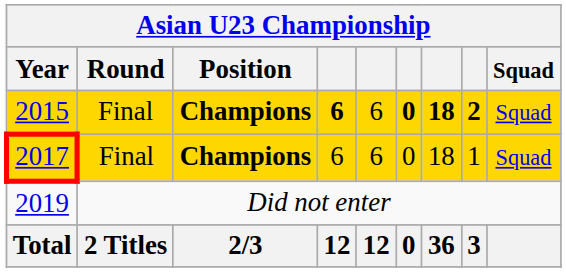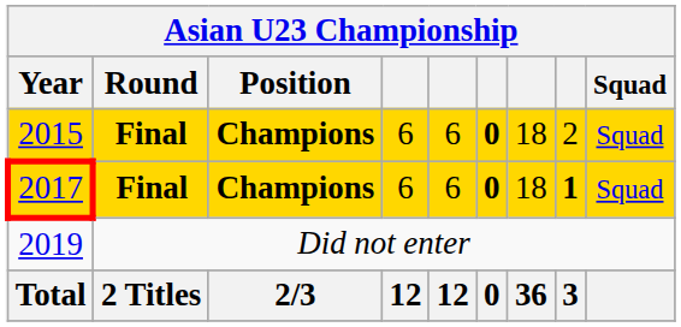 <table class="wikitable" style="text-align: center;">
 <tr>
 <th colspan=9><a href='#'>Asian U23 Championship</a></th>
 </tr>
 <tr>
 <th>Year</th>
 <th>Round</th>
 <th>Position</th>
 <th></th>
 <th></th>
 <th></th>
 <th></th>
 <th></th>
 <th><small>Squad</small></th>
 </tr>
 <tr bgcolor=gold>
 <td> <a href='#'>2015</a></td>
-<td>Final</td>
+<td><strong>Final</strong></td>
 <td><strong>Champions</strong></td>
-<td><strong>6</strong></td>
+<td>6</td>
 <td>6</td>
 <td><strong>0</strong></td>
-<td><strong>18</strong></td>
-<td><strong>2</strong></td>
+<td>18</td>
+<td>2</td>
 <td><small><a href='#'>Squad</a></small></td>
 </tr>
 <tr bgcolor=gold>
 <td style="border: 3px solid red"> <a href='#'>2017</a></td>
-<td>Final</td>
+<td><strong>Final</strong></td>
 <td><strong>Champions</strong></td>
 <td>6</td>
 <td>6</td>
-<td>0</td>
+<td><strong>0</strong></td>
 <td>18</td>
-<td>1</td>
+<td><strong>1</strong></td>
 <td><small><a href='#'>Squad</a></small></td>
 </tr>
 <tr>
 <td> <a href='#'>2019</a></td>
 <td colspan=8><em>Did not enter</em></td>
 </tr>
 <tr>
 <th>Total</th>
 <th>2 Titles</th>
 <th>2/3</th>
 <th>12</th>
 <th>12</th>
 <th>0</th>
 <th>36</th>
 <th>3</th>
 <th></th>
 </tr>
 </table>
